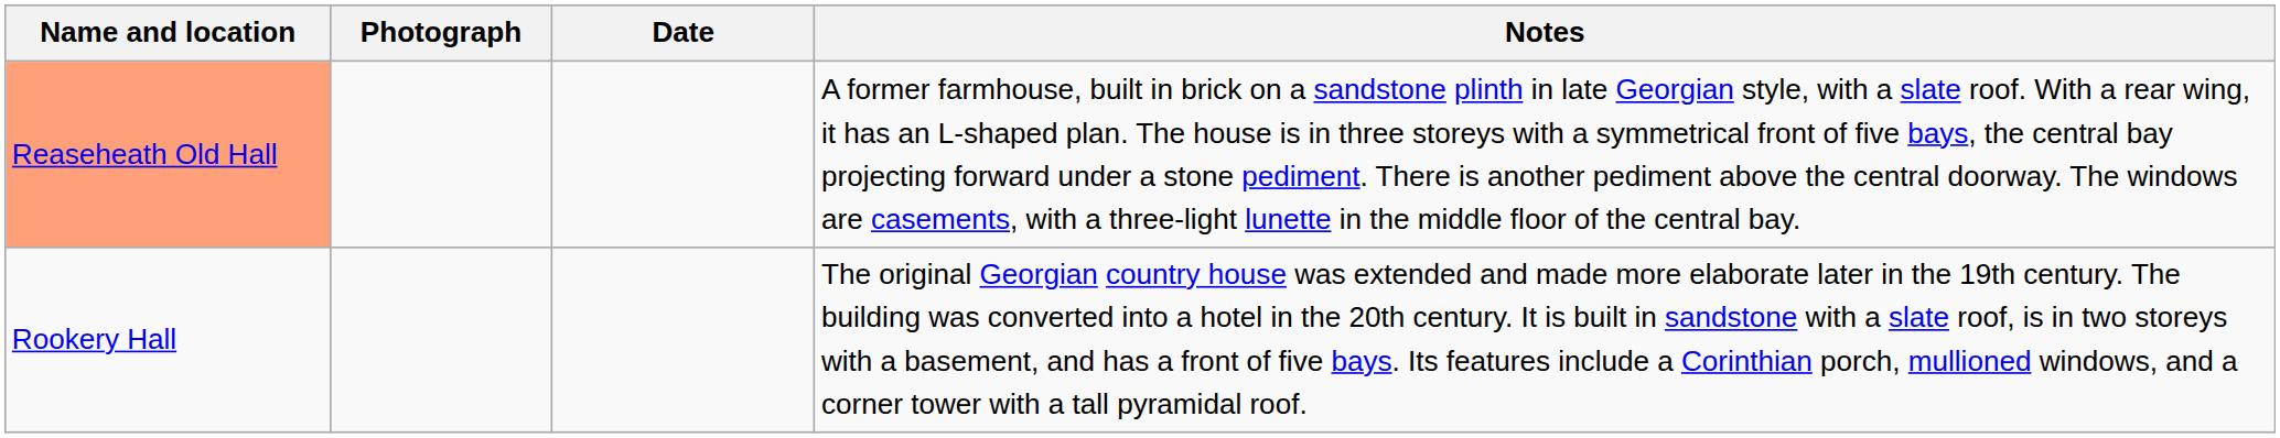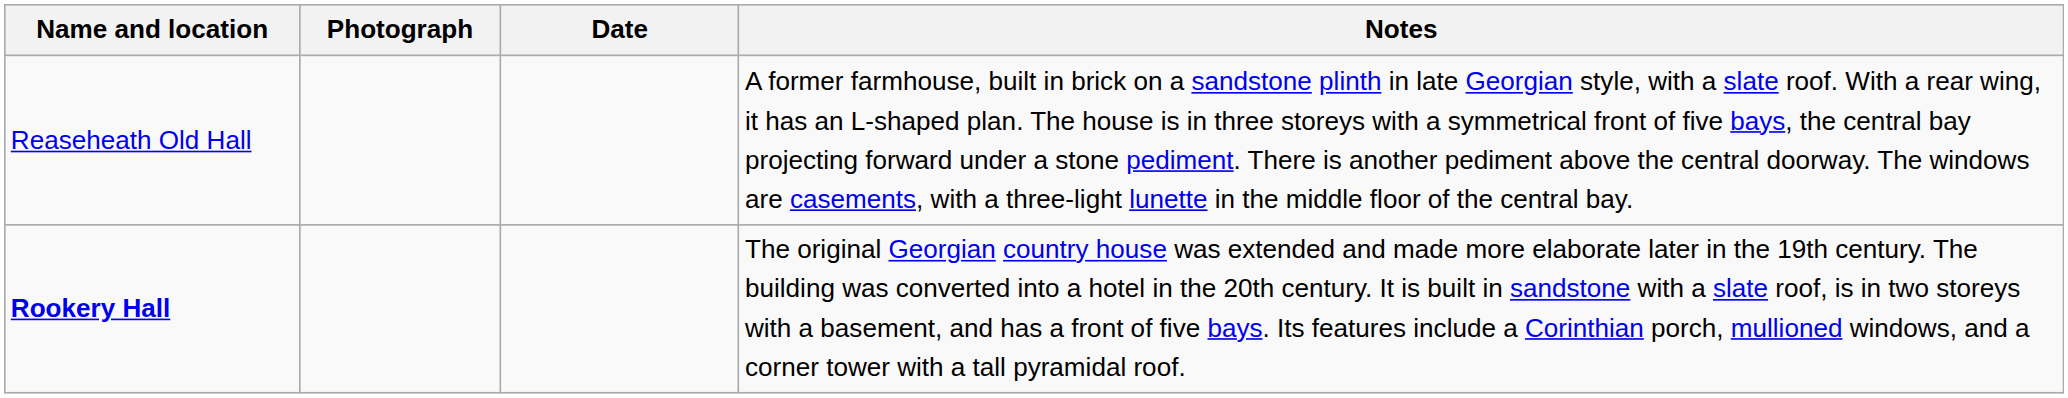 <table class="wikitable sortable plainrowheaders" style="width:100%;border:0px;text-align:left;line-height:150%;">
 <tr>
 <th scope="col"  style="width:150px">Name and location</th>
 <th scope="col"  style="width:100px" class="unsortable">Photograph</th>
 <th scope="col"  style="width:120px">Date</th>
 <th scope="col"  style="width:700px" class="unsortable">Notes</th>
 </tr>
 <tr>
-<td style="background: lightsalmon;"><a href='#'>Reaseheath Old Hall</a><br><small></small></td>
+<td><a href='#'>Reaseheath Old Hall</a><br><small></small></td>
 <td></td>
 <td align="center"></td>
 <td>A former farmhouse, built in brick on a <a href='#'>sandstone</a> <a href='#'>plinth</a> in late <a href='#'>Georgian</a> style, with a <a href='#'>slate</a> roof.  With a rear wing, it has an L-shaped plan.  The house is in three storeys with a symmetrical front of five <a href='#'>bays</a>, the central bay projecting forward under a stone <a href='#'>pediment</a>.  There is another pediment above the central doorway.  The windows are <a href='#'>casements</a>, with a three-light <a href='#'>lunette</a> in the middle floor of the central bay.</td>
 </tr>
 <tr>
-<td><a href='#'>Rookery Hall</a><br><small></small></td>
+<td><strong><a href='#'>Rookery Hall</a><br><small></small></strong></td>
 <td></td>
 <td align="center"></td>
 <td>The original <a href='#'>Georgian</a> <a href='#'>country house</a> was extended and made more elaborate later in the 19th century.  The building was converted into a hotel in the 20th century.  It is built in <a href='#'>sandstone</a> with a <a href='#'>slate</a> roof, is in two storeys with a basement, and has a front of five <a href='#'>bays</a>.  Its features include a <a href='#'>Corinthian</a> porch, <a href='#'>mullioned</a> windows, and a corner tower with a tall pyramidal roof.</td>
 </tr>
 <tr>
 </tr>
 </table>
